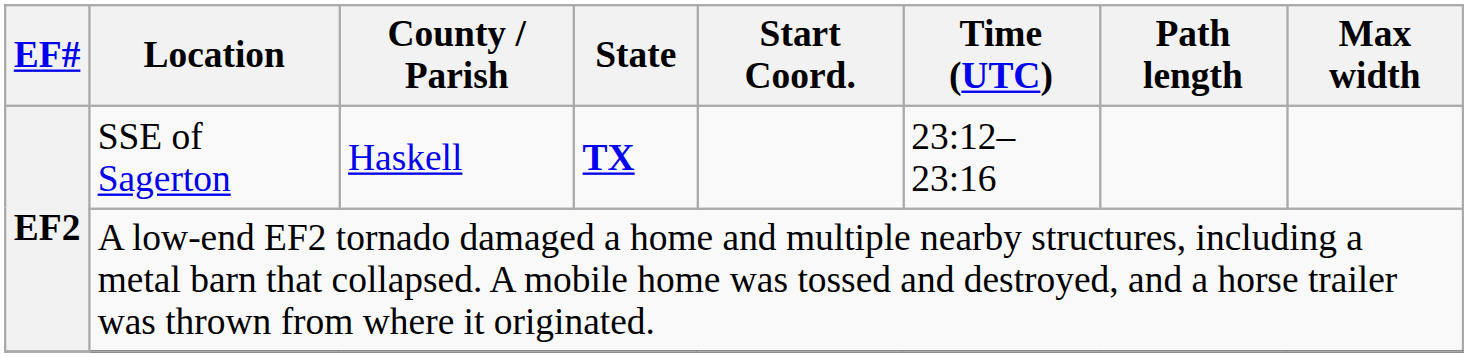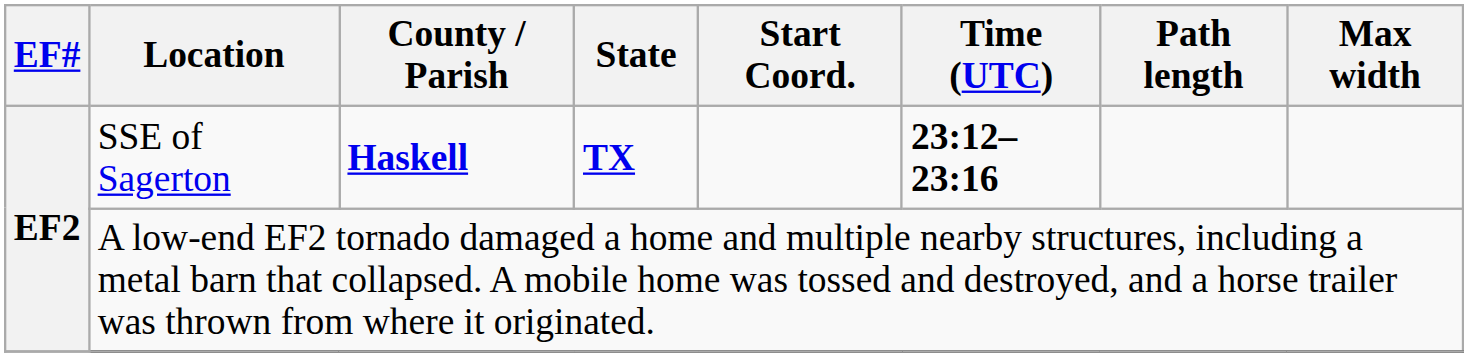 <table class="wikitable sortable" style="width:100%;">
 <tr>
 <th scope="col" width="2%" align="center"><a href='#'>EF#</a></th>
 <th scope="col" align="center" class="unsortable">Location</th>
 <th scope="col" align="center" class="unsortable">County / Parish</th>
 <th scope="col" align="center">State</th>
 <th scope="col" align="center">Start Coord.</th>
 <th scope="col" align="center">Time (<a href='#'>UTC</a>)</th>
 <th scope="col" align="center">Path length</th>
 <th scope="col" align="center">Max width</th>
 </tr>
 <tr>
 <th scope="row" rowspan="2" style="background-color:#">EF2</th>
 <td>SSE of <a href='#'>Sagerton</a></td>
-<td><a href='#'>Haskell</a></td>
+<td><strong><a href='#'>Haskell</a></strong></td>
 <td><strong><a href='#'>TX</a></strong></td>
 <td></td>
-<td>23:12–23:16</td>
+<td><strong>23:12–23:16</strong></td>
 <td></td>
 <td></td>
 </tr>
 <tr class="expand-child">
 <td colspan="8" style=" border-bottom: 1px solid black;">A low-end EF2 tornado damaged a home and multiple nearby structures, including a metal barn that collapsed. A mobile home was tossed  and destroyed, and a horse trailer was thrown  from where it originated.</td>
 </tr>
 <tr>
 </tr>
 </table>
